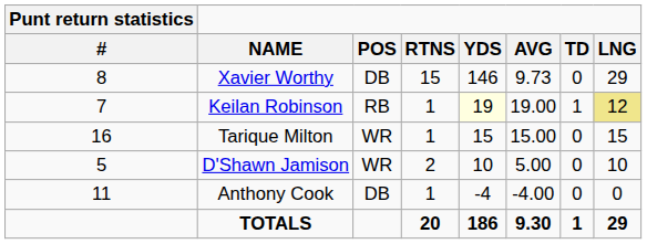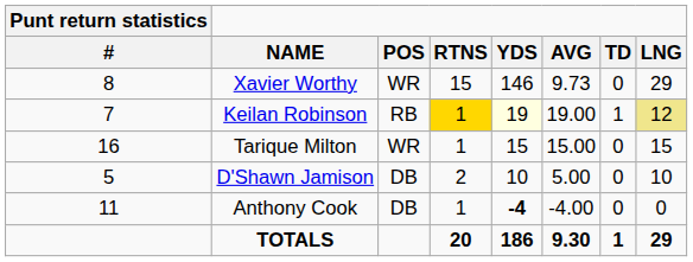 <table style="text-align:center;" class="wikitable">
 <tr>
 <th style="text-align:center; ">Punt return statistics</th>
 </tr>
 <tr>
 <th>#</th>
 <th>NAME</th>
 <th>POS</th>
 <th>RTNS</th>
 <th>YDS</th>
 <th>AVG</th>
 <th>TD</th>
 <th>LNG</th>
 </tr>
 <tr>
 <td>8</td>
 <td><a href='#'>Xavier Worthy</a></td>
-<td>DB</td>
+<td>WR</td>
 <td>15</td>
 <td>146</td>
 <td>9.73</td>
 <td>0</td>
 <td>29</td>
 </tr>
 <tr>
 <td>7</td>
 <td><a href='#'>Keilan Robinson</a></td>
 <td>RB</td>
-<td>1</td>
+<td style="background: gold;">1</td>
 <td style="background: lightyellow;">19</td>
 <td>19.00</td>
 <td>1</td>
 <td style="background: khaki;">12</td>
 </tr>
 <tr>
 <td>16</td>
 <td>Tarique Milton</td>
 <td>WR</td>
 <td>1</td>
 <td>15</td>
 <td>15.00</td>
 <td>0</td>
 <td>15</td>
 </tr>
 <tr>
 <td>5</td>
 <td><a href='#'>D'Shawn Jamison</a></td>
-<td>WR</td>
+<td>DB</td>
 <td>2</td>
 <td>10</td>
 <td>5.00</td>
 <td>0</td>
 <td>10</td>
 </tr>
 <tr>
 <td>11</td>
 <td>Anthony Cook</td>
 <td>DB</td>
 <td>1</td>
-<td>-4</td>
+<td><strong>-4</strong></td>
 <td>-4.00</td>
 <td>0</td>
 <td>0</td>
 </tr>
 <tr>
 <td></td>
 <td><strong>TOTALS</strong></td>
 <td></td>
 <td><strong>20</strong></td>
 <td><strong>186</strong></td>
 <td><strong>9.30</strong></td>
 <td><strong>1</strong></td>
 <td><strong>29</strong></td>
 </tr>
 </table>
